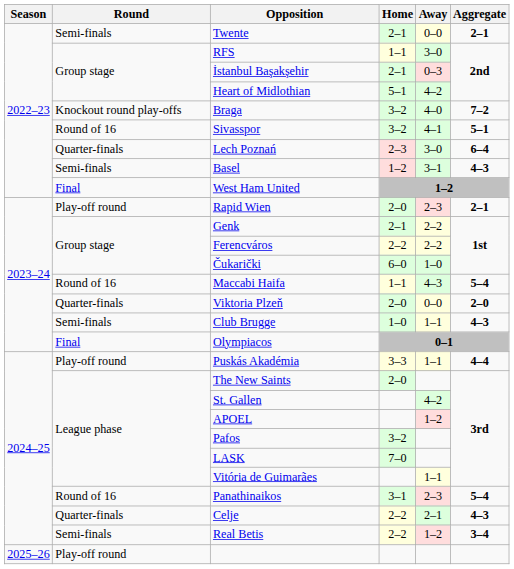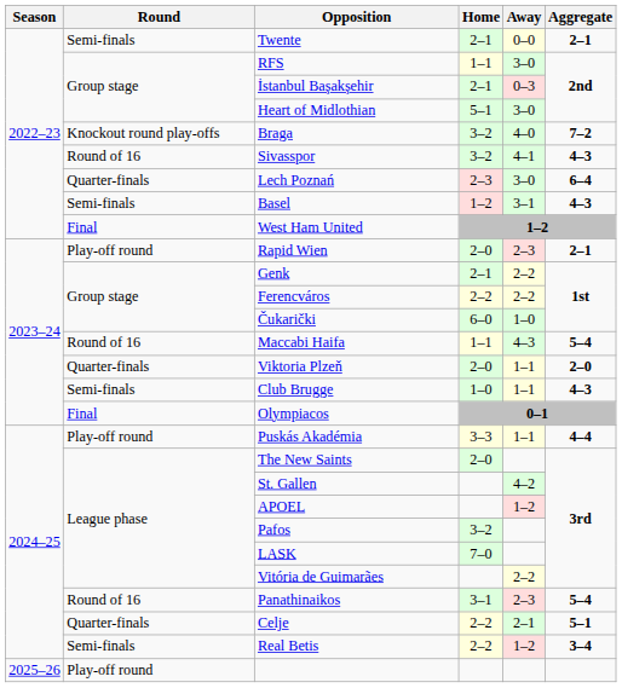 <table class="wikitable">
 <tr>
 <th>Season</th>
 <th width=200>Round</th>
 <th width=215>Opposition</th>
 <th>Home</th>
 <th>Away</th>
 <th>Aggregate</th>
 </tr>
 <tr>
 <td rowspan=9><a href='#'>2022–23</a></td>
 <td>Semi-finals</td>
 <td> <a href='#'>Twente</a></td>
 <td style="text-align:center; background:#dfd;">2–1</td>
 <td style="text-align:center; background:#ffd;">0–0</td>
 <td style="text-align:center;"><strong>2–1</strong></td>
 </tr>
 <tr>
 <td rowspan=3>Group stage</td>
 <td> <a href='#'>RFS</a></td>
 <td style="text-align:center; background:#ffd;">1–1</td>
 <td style="text-align:center; background:#dfd;">3–0</td>
 <td rowspan=3 style="text-align:center;"><strong>2nd</strong></td>
 </tr>
 <tr>
 <td> <a href='#'>İstanbul Başakşehir</a></td>
 <td style="text-align:center; background:#dfd;">2–1</td>
 <td style="text-align:center; background:#fdd;">0–3</td>
 </tr>
 <tr>
 <td> <a href='#'>Heart of Midlothian</a></td>
 <td style="text-align:center; background:#dfd;">5–1</td>
-<td style="text-align:center; background:#dfd">4–2</td>
+<td style="text-align:center; background:#dfd;">3–0</td>
 </tr>
 <tr>
 <td>Knockout round play-offs</td>
 <td> <a href='#'>Braga</a></td>
 <td style="text-align:center; background:#dfd;">3–2</td>
 <td style="text-align:center; background:#dfd;">4–0</td>
 <td style="text-align:center;"><strong>7–2</strong></td>
 </tr>
 <tr>
 <td>Round of 16</td>
 <td> <a href='#'>Sivasspor</a></td>
 <td style="text-align:center; background:#dfd">3–2</td>
 <td style="text-align:center; background:#dfd;">4–1</td>
-<td style="text-align:center;"><strong>5–1</strong></td>
+<td style="text-align:center;"><strong>4–3</strong></td>
 </tr>
 <tr>
 <td>Quarter-finals</td>
 <td> <a href='#'>Lech Poznań</a></td>
 <td style="text-align:center; background:#fdd;">2–3</td>
 <td style="text-align:center; background:#dfd;">3–0</td>
 <td style="text-align:center;"><strong>6–4</strong></td>
 </tr>
 <tr>
 <td>Semi-finals</td>
 <td> <a href='#'>Basel</a></td>
 <td style="text-align:center; background:#fdd;">1–2</td>
 <td style="text-align:center; background:#dfd;">3–1 </td>
 <td style="text-align:center;"><strong>4–3</strong></td>
 </tr>
 <tr>
 <td><a href='#'>Final</a></td>
 <td> <a href='#'>West Ham United</a></td>
 <td bgcolor=Silver colspan="3" style="text-align:center; background:"><strong>1–2</strong></td>
 </tr>
 <tr>
 <td rowspan=8><a href='#'>2023–24</a></td>
 <td>Play-off round</td>
 <td> <a href='#'>Rapid Wien</a></td>
 <td style="text-align:center; background:#dfd;">2–0</td>
 <td style="text-align:center; background:#fdd;">2–3</td>
 <td style="text-align:center;"><strong>2–1</strong></td>
 </tr>
 <tr>
 <td rowspan=3>Group stage</td>
 <td> <a href='#'>Genk</a></td>
 <td style="text-align:center; background:#dfd;">2–1</td>
 <td style="text-align:center; background:#ffd;">2–2</td>
 <td rowspan=3 style="text-align:center;"><strong>1st</strong></td>
 </tr>
 <tr>
 <td> <a href='#'>Ferencváros</a></td>
 <td style="text-align:center; background:#ffd;">2–2</td>
 <td style="text-align:center; background:#ffd;">2–2</td>
 </tr>
 <tr>
 <td> <a href='#'>Čukarički</a></td>
 <td style="text-align:center; background:#dfd;">6–0</td>
 <td style="text-align:center; background:#dfd;">1–0</td>
 </tr>
 <tr>
 <td>Round of 16</td>
 <td> <a href='#'>Maccabi Haifa</a></td>
 <td style="text-align:center; background:#ffd;">1–1</td>
 <td style="text-align:center; background:#dfd;">4–3</td>
 <td style="text-align:center;"><strong>5–4</strong></td>
 </tr>
 <tr>
 <td>Quarter-finals</td>
 <td> <a href='#'>Viktoria Plzeň</a></td>
 <td style="text-align:center; background:#dfd">2–0 </td>
-<td style="text-align:center; background:#ffd;">0–0</td>
+<td style="text-align:center; background:#ffd;">1–1</td>
 <td style="text-align:center;"><strong>2–0</strong></td>
 </tr>
 <tr>
 <td>Semi-finals</td>
 <td> <a href='#'>Club Brugge</a></td>
 <td style="text-align:center; background:#dfd;">1–0</td>
 <td style="text-align:center; background:#ffd;">1–1</td>
 <td style="text-align:center;"><strong>4–3</strong></td>
 </tr>
 <tr>
 <td><a href='#'>Final</a></td>
 <td> <a href='#'>Olympiacos</a></td>
 <td bgcolor=Silver colspan="3" style="text-align:center; background:"><strong>0–1</strong> </td>
 </tr>
 <tr>
 <td rowspan=10><a href='#'>2024–25</a></td>
 <td>Play-off round</td>
 <td> <a href='#'>Puskás Akadémia</a></td>
 <td style="text-align:center; background:#ffd;">3–3</td>
 <td style="text-align:center; background:#ffd;">1–1 </td>
 <td style="text-align:center;"><strong>4–4<br></strong></td>
 </tr>
 <tr>
 <td rowspan=6>League phase</td>
 <td> <a href='#'>The New Saints</a></td>
 <td style="text-align:center; background:#dfd">2–0</td>
 <td></td>
 <td rowspan=6 style="text-align:center;"><strong>3rd</strong></td>
 </tr>
 <tr>
 <td> <a href='#'>St. Gallen</a></td>
 <td></td>
 <td style="text-align:center; background:#dfd">4–2</td>
 </tr>
 <tr>
 <td> <a href='#'>APOEL</a></td>
 <td></td>
 <td style="text-align:center; background:#fdd;">1–2</td>
 </tr>
 <tr>
 <td> <a href='#'>Pafos</a></td>
 <td style="text-align:center; background:#dfd">3–2</td>
 <td></td>
 </tr>
 <tr>
 <td> <a href='#'>LASK</a></td>
 <td style="text-align:center; background:#dfd">7–0</td>
 <td></td>
 </tr>
 <tr>
 <td> <a href='#'>Vitória de Guimarães</a></td>
 <td></td>
-<td style="text-align:center; background:#ffd;">1–1</td>
+<td style="text-align:center; background:#ffd;">2–2</td>
 </tr>
 <tr>
 <td>Round of 16</td>
 <td> <a href='#'>Panathinaikos</a></td>
 <td style="text-align:center; background:#dfd">3–1</td>
 <td style="text-align:center; background:#fdd;">2–3</td>
 <td style="text-align:center;"><strong>5–4</strong></td>
 </tr>
 <tr>
 <td>Quarter-finals</td>
 <td> <a href='#'>Celje</a></td>
 <td style="text-align:center; background:#ffd;">2–2</td>
 <td style="text-align:center; background:#dfd">2–1</td>
-<td style="text-align:center;"><strong>4–3</strong></td>
+<td style="text-align:center;"><strong>5–1</strong></td>
 </tr>
 <tr>
 <td>Semi-finals</td>
 <td> <a href='#'>Real Betis</a></td>
 <td style="text-align:center; background:#ffd;">2–2 </td>
 <td style="text-align:center; background:#fdd;">1–2</td>
 <td style="text-align:center;"><strong>3–4</strong></td>
 </tr>
 <tr>
 <td><a href='#'>2025–26</a></td>
 <td>Play-off round</td>
 <td></td>
 <td style="text-align:center;"></td>
 <td style="text-align:center;"></td>
 <td style="text-align:center;"></td>
 </tr>
 </table>
